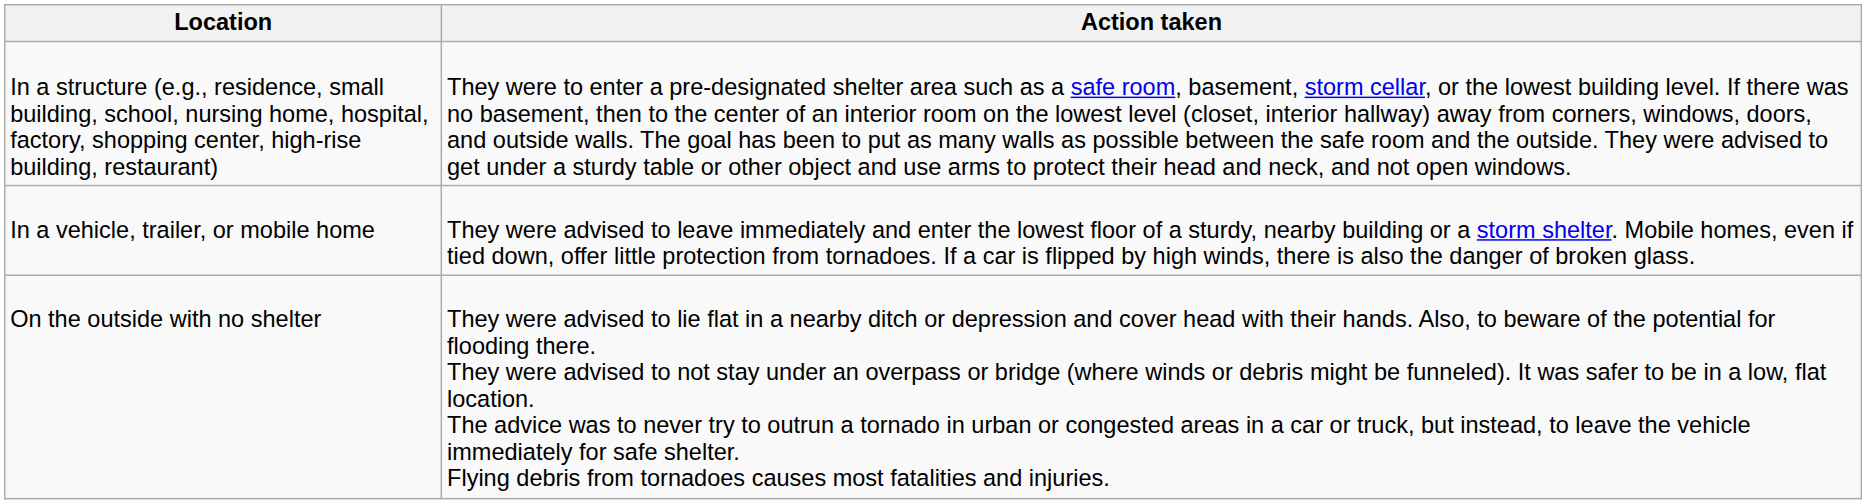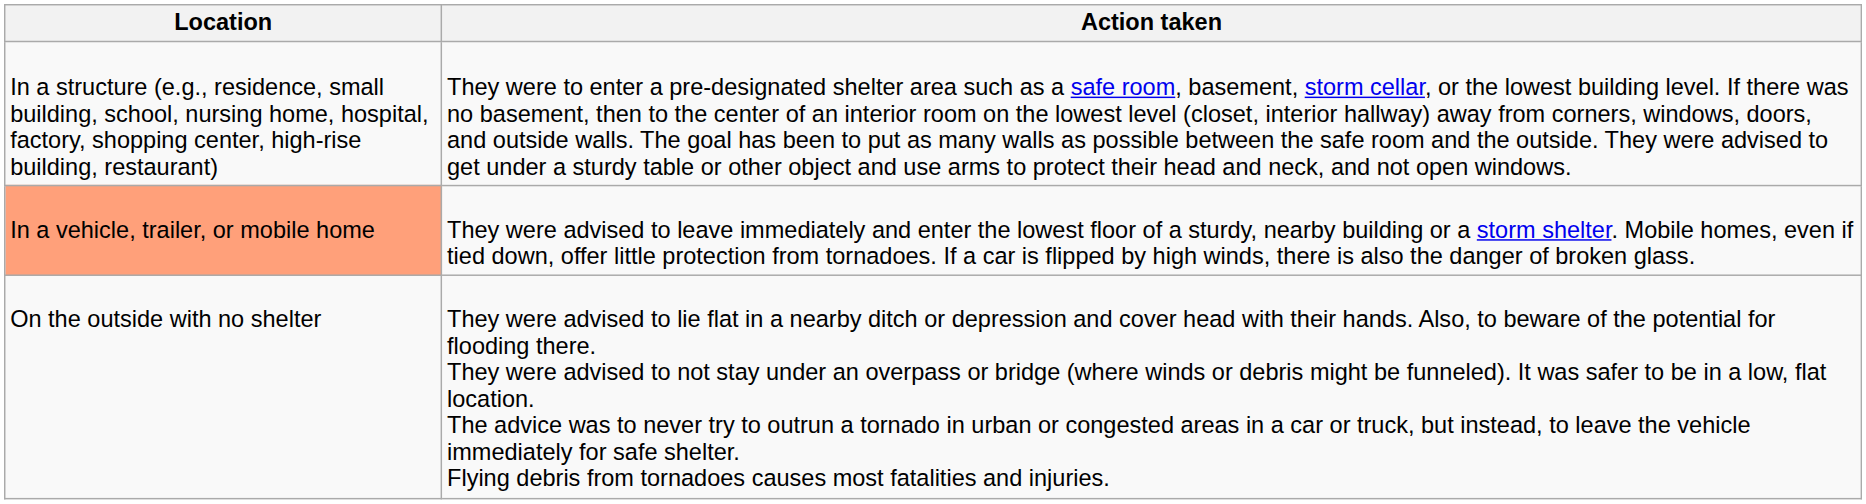 <table class=wikitable style="margin-right:0em;">
 <tr>
 <th>Location</th>
 <th>Action taken</th>
 </tr>
 <tr>
 <td valign=top><br>In a structure (e.g., residence, small building, school, nursing home, hospital, factory, shopping center, high-rise building, restaurant)</td>
 <td valign=top><br>They were to enter a pre-designated shelter area such as a <a href='#'>safe room</a>, basement, <a href='#'>storm cellar</a>, or the lowest building level. If there was no basement, then to the center of an interior room on the lowest level (closet, interior hallway) away from corners, windows, doors, and outside walls. The goal has been to put as many walls as possible between the safe room and the outside. They were advised to get under a sturdy table or other object and use arms to protect their head and neck, and not open windows.</td>
 </tr>
 <tr>
-<td valign=top><br>In a vehicle, trailer, or mobile home</td>
+<td valign=top style="background: lightsalmon;"><br>In a vehicle, trailer, or mobile home</td>
 <td valign=top><br>They were advised to leave immediately and enter the lowest floor of a sturdy, nearby building or a <a href='#'>storm shelter</a>. Mobile homes, even if tied down, offer little protection from tornadoes. If a car is flipped by high winds, there is also the danger of broken glass.</td>
 </tr>
 <tr>
 <td valign=top><br>On the outside with no shelter</td>
 <td valign=top><br>They were advised to lie flat in a nearby ditch or depression and cover head with their hands. Also, to beware of the potential for flooding there.<br>They were advised to not stay under an overpass or bridge (where winds or debris might be funneled). It was safer to be in a low, flat location.<br>The advice was to never try to outrun a tornado in urban or congested areas in a car or truck, but instead, to leave the vehicle immediately for safe shelter.<br>Flying debris from tornadoes causes most fatalities and injuries.</td>
 </tr>
 </table>
